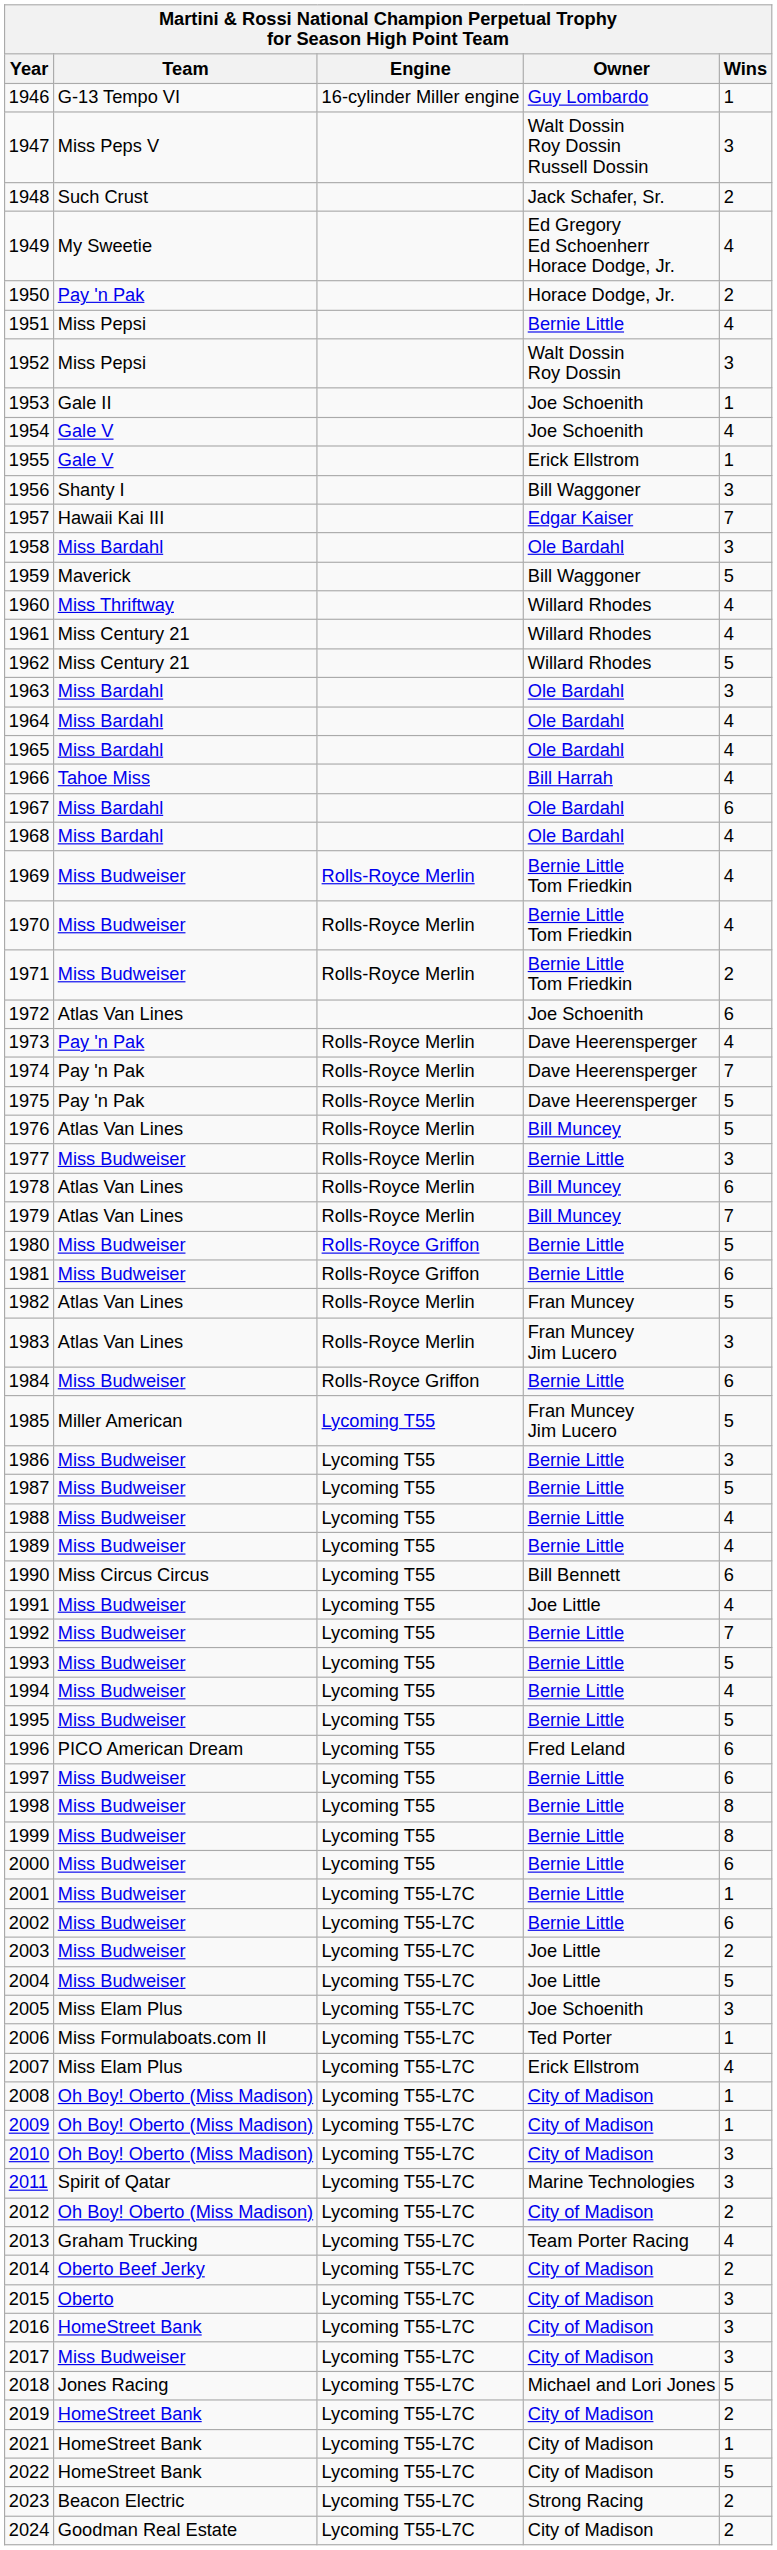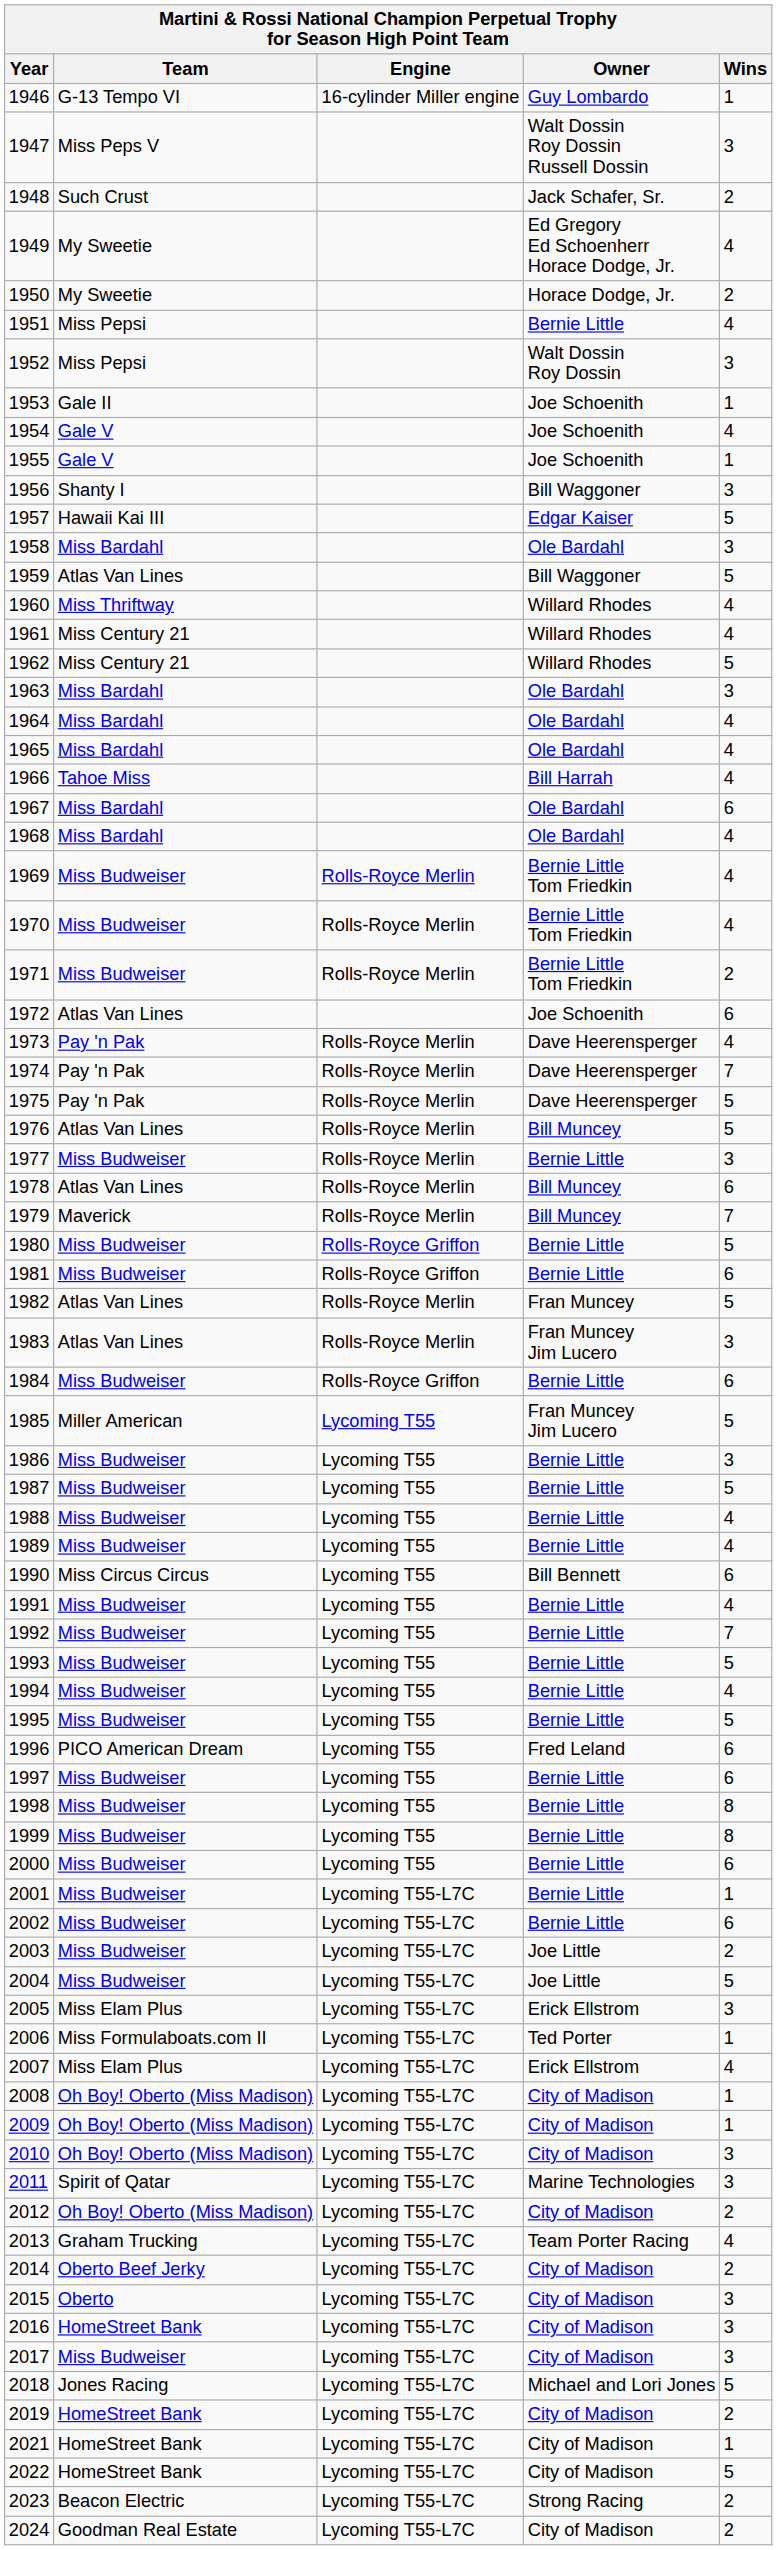 <table class="wikitable" style="display:inline-table;">
 <tr>
 <th colspan="5">Martini & Rossi National Champion Perpetual Trophy<br>for Season High Point <strong>Team</strong></th>
 </tr>
 <tr>
 <th>Year</th>
 <th>Team</th>
 <th>Engine</th>
 <th>Owner</th>
 <th>Wins</th>
 </tr>
 <tr>
 <td>1946</td>
 <td>G-13 Tempo VI</td>
 <td>16-cylinder Miller engine</td>
 <td><a href='#'>Guy Lombardo</a></td>
 <td>1</td>
 </tr>
 <tr>
 <td>1947</td>
 <td>Miss Peps V</td>
 <td></td>
 <td>Walt Dossin<br>Roy Dossin<br>Russell Dossin</td>
 <td>3</td>
 </tr>
 <tr>
 <td>1948</td>
 <td>Such Crust</td>
 <td></td>
 <td>Jack Schafer, Sr.</td>
 <td>2</td>
 </tr>
 <tr>
 <td>1949</td>
 <td>My Sweetie</td>
 <td></td>
 <td>Ed Gregory<br>Ed Schoenherr<br>Horace Dodge, Jr.</td>
 <td>4</td>
 </tr>
 <tr>
 <td>1950</td>
-<td><a href='#'>Pay 'n Pak</a></td>
+<td>My Sweetie</td>
 <td></td>
 <td>Horace Dodge, Jr.</td>
 <td>2</td>
 </tr>
 <tr>
 <td>1951</td>
 <td>Miss Pepsi</td>
 <td></td>
 <td><a href='#'>Bernie Little</a></td>
 <td>4</td>
 </tr>
 <tr>
 <td>1952</td>
 <td>Miss Pepsi</td>
 <td></td>
 <td>Walt Dossin<br>Roy Dossin</td>
 <td>3</td>
 </tr>
 <tr>
 <td>1953</td>
 <td>Gale II</td>
 <td></td>
 <td>Joe Schoenith</td>
 <td>1</td>
 </tr>
 <tr>
 <td>1954</td>
 <td><a href='#'>Gale V</a></td>
 <td></td>
 <td>Joe Schoenith</td>
 <td>4</td>
 </tr>
 <tr>
 <td>1955</td>
 <td><a href='#'>Gale V</a></td>
 <td></td>
-<td>Erick Ellstrom</td>
+<td>Joe Schoenith</td>
 <td>1</td>
 </tr>
 <tr>
 <td>1956</td>
 <td>Shanty I</td>
 <td></td>
 <td>Bill Waggoner</td>
 <td>3</td>
 </tr>
 <tr>
 <td>1957</td>
 <td>Hawaii Kai III</td>
 <td></td>
 <td><a href='#'>Edgar Kaiser</a></td>
-<td>7</td>
+<td>5</td>
 </tr>
 <tr>
 <td>1958</td>
 <td><a href='#'>Miss Bardahl</a></td>
 <td></td>
 <td><a href='#'>Ole Bardahl</a></td>
 <td>3</td>
 </tr>
 <tr>
 <td>1959</td>
-<td>Maverick</td>
+<td>Atlas Van Lines</td>
 <td></td>
 <td>Bill Waggoner</td>
 <td>5</td>
 </tr>
 <tr>
 <td>1960</td>
 <td><a href='#'>Miss Thriftway</a></td>
 <td></td>
 <td>Willard Rhodes</td>
 <td>4</td>
 </tr>
 <tr>
 <td>1961</td>
 <td>Miss Century 21</td>
 <td></td>
 <td>Willard Rhodes</td>
 <td>4</td>
 </tr>
 <tr>
 <td>1962</td>
 <td>Miss Century 21</td>
 <td></td>
 <td>Willard Rhodes</td>
 <td>5</td>
 </tr>
 <tr>
 <td>1963</td>
 <td><a href='#'>Miss Bardahl</a></td>
 <td></td>
 <td><a href='#'>Ole Bardahl</a></td>
 <td>3</td>
 </tr>
 <tr>
 <td>1964</td>
 <td><a href='#'>Miss Bardahl</a></td>
 <td></td>
 <td><a href='#'>Ole Bardahl</a></td>
 <td>4</td>
 </tr>
 <tr>
 <td>1965</td>
 <td><a href='#'>Miss Bardahl</a></td>
 <td></td>
 <td><a href='#'>Ole Bardahl</a></td>
 <td>4</td>
 </tr>
 <tr>
 <td>1966</td>
 <td><a href='#'>Tahoe Miss</a></td>
 <td></td>
 <td><a href='#'>Bill Harrah</a></td>
 <td>4</td>
 </tr>
 <tr>
 <td>1967</td>
 <td><a href='#'>Miss Bardahl</a></td>
 <td></td>
 <td><a href='#'>Ole Bardahl</a></td>
 <td>6</td>
 </tr>
 <tr>
 <td>1968</td>
 <td><a href='#'>Miss Bardahl</a></td>
 <td></td>
 <td><a href='#'>Ole Bardahl</a></td>
 <td>4</td>
 </tr>
 <tr>
 <td>1969</td>
 <td><a href='#'>Miss Budweiser</a></td>
 <td><a href='#'>Rolls-Royce Merlin</a></td>
 <td><a href='#'>Bernie Little</a><br>Tom Friedkin</td>
 <td>4</td>
 </tr>
 <tr>
 <td>1970</td>
 <td><a href='#'>Miss Budweiser</a></td>
 <td>Rolls-Royce Merlin</td>
 <td><a href='#'>Bernie Little</a><br>Tom Friedkin</td>
 <td>4</td>
 </tr>
 <tr>
 <td>1971</td>
 <td><a href='#'>Miss Budweiser</a></td>
 <td>Rolls-Royce Merlin</td>
 <td><a href='#'>Bernie Little</a><br>Tom Friedkin</td>
 <td>2</td>
 </tr>
 <tr>
 <td>1972</td>
 <td>Atlas Van Lines</td>
 <td></td>
 <td>Joe Schoenith</td>
 <td>6</td>
 </tr>
 <tr>
 <td>1973</td>
 <td><a href='#'>Pay 'n Pak</a></td>
 <td>Rolls-Royce Merlin</td>
 <td>Dave Heerensperger</td>
 <td>4</td>
 </tr>
 <tr>
 <td>1974</td>
 <td>Pay 'n Pak</td>
 <td>Rolls-Royce Merlin</td>
 <td>Dave Heerensperger</td>
 <td>7</td>
 </tr>
 <tr>
 <td>1975</td>
 <td>Pay 'n Pak</td>
 <td>Rolls-Royce Merlin</td>
 <td>Dave Heerensperger</td>
 <td>5</td>
 </tr>
 <tr>
 <td>1976</td>
 <td>Atlas Van Lines</td>
 <td>Rolls-Royce Merlin</td>
 <td><a href='#'>Bill Muncey</a></td>
 <td>5</td>
 </tr>
 <tr>
 <td>1977</td>
 <td><a href='#'>Miss Budweiser</a></td>
 <td>Rolls-Royce Merlin</td>
 <td><a href='#'>Bernie Little</a></td>
 <td>3</td>
 </tr>
 <tr>
 <td>1978</td>
 <td>Atlas Van Lines</td>
 <td>Rolls-Royce Merlin</td>
 <td><a href='#'>Bill Muncey</a></td>
 <td>6</td>
 </tr>
 <tr>
 <td>1979</td>
-<td>Atlas Van Lines</td>
+<td>Maverick</td>
 <td>Rolls-Royce Merlin</td>
 <td><a href='#'>Bill Muncey</a></td>
 <td>7</td>
 </tr>
 <tr>
 <td>1980</td>
 <td><a href='#'>Miss Budweiser</a></td>
 <td><a href='#'>Rolls-Royce Griffon</a></td>
 <td><a href='#'>Bernie Little</a></td>
 <td>5</td>
 </tr>
 <tr>
 <td>1981</td>
 <td><a href='#'>Miss Budweiser</a></td>
 <td>Rolls-Royce Griffon</td>
 <td><a href='#'>Bernie Little</a></td>
 <td>6</td>
 </tr>
 <tr>
 <td>1982</td>
 <td>Atlas Van Lines</td>
 <td>Rolls-Royce Merlin</td>
 <td>Fran Muncey</td>
 <td>5</td>
 </tr>
 <tr>
 <td>1983</td>
 <td>Atlas Van Lines</td>
 <td>Rolls-Royce Merlin</td>
 <td>Fran Muncey<br>Jim Lucero</td>
 <td>3</td>
 </tr>
 <tr>
 <td>1984</td>
 <td><a href='#'>Miss Budweiser</a></td>
 <td>Rolls-Royce Griffon</td>
 <td><a href='#'>Bernie Little</a></td>
 <td>6</td>
 </tr>
 <tr>
 <td>1985</td>
 <td>Miller American</td>
 <td><a href='#'>Lycoming T55</a></td>
 <td>Fran Muncey<br>Jim Lucero</td>
 <td>5</td>
 </tr>
 <tr>
 <td>1986</td>
 <td><a href='#'>Miss Budweiser</a></td>
 <td>Lycoming T55</td>
 <td><a href='#'>Bernie Little</a></td>
 <td>3</td>
 </tr>
 <tr>
 <td>1987</td>
 <td><a href='#'>Miss Budweiser</a></td>
 <td>Lycoming T55</td>
 <td><a href='#'>Bernie Little</a></td>
 <td>5</td>
 </tr>
 <tr>
 <td>1988</td>
 <td><a href='#'>Miss Budweiser</a></td>
 <td>Lycoming T55</td>
 <td><a href='#'>Bernie Little</a></td>
 <td>4</td>
 </tr>
 <tr>
 <td>1989</td>
 <td><a href='#'>Miss Budweiser</a></td>
 <td>Lycoming T55</td>
 <td><a href='#'>Bernie Little</a></td>
 <td>4</td>
 </tr>
 <tr>
 <td>1990</td>
 <td>Miss Circus Circus</td>
 <td>Lycoming T55</td>
 <td>Bill Bennett</td>
 <td>6</td>
 </tr>
 <tr>
 <td>1991</td>
 <td><a href='#'>Miss Budweiser</a></td>
 <td>Lycoming T55</td>
-<td>Joe Little</td>
+<td><a href='#'>Bernie Little</a></td>
 <td>4</td>
 </tr>
 <tr>
 <td>1992</td>
 <td><a href='#'>Miss Budweiser</a></td>
 <td>Lycoming T55</td>
 <td><a href='#'>Bernie Little</a></td>
 <td>7</td>
 </tr>
 <tr>
 <td>1993</td>
 <td><a href='#'>Miss Budweiser</a></td>
 <td>Lycoming T55</td>
 <td><a href='#'>Bernie Little</a></td>
 <td>5</td>
 </tr>
 <tr>
 <td>1994</td>
 <td><a href='#'>Miss Budweiser</a></td>
 <td>Lycoming T55</td>
 <td><a href='#'>Bernie Little</a></td>
 <td>4</td>
 </tr>
 <tr>
 <td>1995</td>
 <td><a href='#'>Miss Budweiser</a></td>
 <td>Lycoming T55</td>
 <td><a href='#'>Bernie Little</a></td>
 <td>5</td>
 </tr>
 <tr>
 <td>1996</td>
 <td>PICO American Dream</td>
 <td>Lycoming T55</td>
 <td>Fred Leland</td>
 <td>6</td>
 </tr>
 <tr>
 <td>1997</td>
 <td><a href='#'>Miss Budweiser</a></td>
 <td>Lycoming T55</td>
 <td><a href='#'>Bernie Little</a></td>
 <td>6</td>
 </tr>
 <tr>
 <td>1998</td>
 <td><a href='#'>Miss Budweiser</a></td>
 <td>Lycoming T55</td>
 <td><a href='#'>Bernie Little</a></td>
 <td>8</td>
 </tr>
 <tr>
 <td>1999</td>
 <td><a href='#'>Miss Budweiser</a></td>
 <td>Lycoming T55</td>
 <td><a href='#'>Bernie Little</a></td>
 <td>8</td>
 </tr>
 <tr>
 <td>2000</td>
 <td><a href='#'>Miss Budweiser</a></td>
 <td>Lycoming T55</td>
 <td><a href='#'>Bernie Little</a></td>
 <td>6</td>
 </tr>
 <tr>
 <td>2001</td>
 <td><a href='#'>Miss Budweiser</a></td>
 <td>Lycoming T55-L7C</td>
 <td><a href='#'>Bernie Little</a></td>
 <td>1</td>
 </tr>
 <tr>
 <td>2002</td>
 <td><a href='#'>Miss Budweiser</a></td>
 <td>Lycoming T55-L7C</td>
 <td><a href='#'>Bernie Little</a></td>
 <td>6</td>
 </tr>
 <tr>
 <td>2003</td>
 <td><a href='#'>Miss Budweiser</a></td>
 <td>Lycoming T55-L7C</td>
 <td>Joe Little</td>
 <td>2</td>
 </tr>
 <tr>
 <td>2004</td>
 <td><a href='#'>Miss Budweiser</a></td>
 <td>Lycoming T55-L7C</td>
 <td>Joe Little</td>
 <td>5</td>
 </tr>
 <tr>
 <td>2005</td>
 <td>Miss Elam Plus</td>
 <td>Lycoming T55-L7C</td>
-<td>Joe Schoenith</td>
+<td>Erick Ellstrom</td>
 <td>3</td>
 </tr>
 <tr>
 <td>2006</td>
 <td>Miss Formulaboats.com II</td>
 <td>Lycoming T55-L7C</td>
 <td>Ted Porter</td>
 <td>1</td>
 </tr>
 <tr>
 <td>2007</td>
 <td>Miss Elam Plus</td>
 <td>Lycoming T55-L7C</td>
 <td>Erick Ellstrom</td>
 <td>4</td>
 </tr>
 <tr>
 <td>2008</td>
 <td><a href='#'>Oh Boy! Oberto (Miss Madison)</a></td>
 <td>Lycoming T55-L7C</td>
 <td><a href='#'>City of Madison</a></td>
 <td>1</td>
 </tr>
 <tr>
 <td><a href='#'>2009</a></td>
 <td><a href='#'>Oh Boy! Oberto (Miss Madison)</a></td>
 <td>Lycoming T55-L7C</td>
 <td><a href='#'>City of Madison</a></td>
 <td>1</td>
 </tr>
 <tr>
 <td><a href='#'>2010</a></td>
 <td><a href='#'>Oh Boy! Oberto (Miss Madison)</a></td>
 <td>Lycoming T55-L7C</td>
 <td><a href='#'>City of Madison</a></td>
 <td>3</td>
 </tr>
 <tr>
 <td><a href='#'>2011</a></td>
 <td>Spirit of Qatar</td>
 <td>Lycoming T55-L7C</td>
 <td>Marine Technologies</td>
 <td>3</td>
 </tr>
 <tr>
 <td>2012</td>
 <td><a href='#'>Oh Boy! Oberto (Miss Madison)</a></td>
 <td>Lycoming T55-L7C</td>
 <td><a href='#'>City of Madison</a></td>
 <td>2</td>
 </tr>
 <tr>
 <td>2013</td>
 <td>Graham Trucking</td>
 <td>Lycoming T55-L7C</td>
 <td>Team Porter Racing</td>
 <td>4</td>
 </tr>
 <tr>
 <td>2014</td>
 <td><a href='#'>Oberto Beef Jerky</a></td>
 <td>Lycoming T55-L7C</td>
 <td><a href='#'>City of Madison</a></td>
 <td>2</td>
 </tr>
 <tr>
 <td>2015</td>
 <td><a href='#'>Oberto</a></td>
 <td>Lycoming T55-L7C</td>
 <td><a href='#'>City of Madison</a></td>
 <td>3</td>
 </tr>
 <tr>
 <td>2016</td>
 <td><a href='#'>HomeStreet Bank</a></td>
 <td>Lycoming T55-L7C</td>
 <td><a href='#'>City of Madison</a></td>
 <td>3</td>
 </tr>
 <tr>
 <td>2017</td>
 <td><a href='#'>Miss Budweiser</a></td>
 <td>Lycoming T55-L7C</td>
 <td><a href='#'>City of Madison</a></td>
 <td>3</td>
 </tr>
 <tr>
 <td>2018</td>
 <td>Jones Racing</td>
 <td>Lycoming T55-L7C</td>
 <td>Michael and Lori Jones</td>
 <td>5</td>
 </tr>
 <tr>
 <td>2019</td>
 <td><a href='#'>HomeStreet Bank</a></td>
 <td>Lycoming T55-L7C</td>
 <td><a href='#'>City of Madison</a></td>
 <td>2</td>
 </tr>
 <tr>
 <td>2021</td>
 <td>HomeStreet Bank</td>
 <td>Lycoming T55-L7C</td>
 <td>City of Madison</td>
 <td>1</td>
 </tr>
 <tr>
 <td>2022</td>
 <td>HomeStreet Bank</td>
 <td>Lycoming T55-L7C</td>
 <td>City of Madison</td>
 <td>5</td>
 </tr>
 <tr>
 <td>2023</td>
 <td>Beacon Electric</td>
 <td>Lycoming T55-L7C</td>
 <td>Strong Racing</td>
 <td>2</td>
 </tr>
 <tr>
 <td>2024</td>
 <td>Goodman Real Estate</td>
 <td>Lycoming T55-L7C</td>
 <td>City of Madison</td>
 <td>2</td>
 </tr>
 </table>
